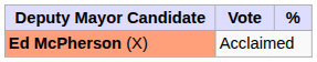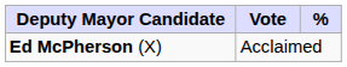 <table class="wikitable">
 <tr>
 <th style="background:#ddf; width:200px;">Deputy Mayor Candidate</th>
 <th style="background:#ddf; width:50px;">Vote</th>
 <th style="background:#ddf; width:30px;">%</th>
 </tr>
 <tr>
-<td style="background: lightsalmon;"><strong>Ed McPherson</strong> (X)</td>
+<td><strong>Ed McPherson</strong> (X)</td>
 <td colspan="2">Acclaimed</td>
 </tr>
 </table>
